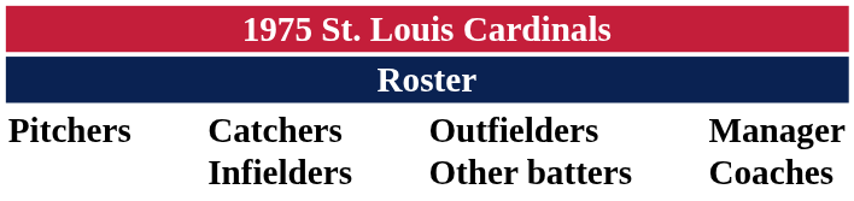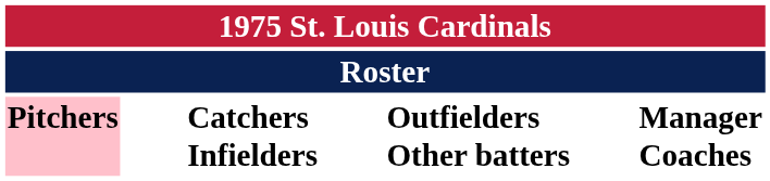 <table class="toccolours" style="font-size: 95%;">
 <tr>
 <th colspan="10" style="background-color: #c41e3a; color: white; text-align: center;">1975 St. Louis Cardinals</th>
 </tr>
 <tr>
 <td colspan="10" style="background-color: #0a2252; color: white; text-align: center;"><strong>Roster</strong></td>
 </tr>
 <tr>
-<td valign="top"><strong>Pitchers</strong><br>                  </td>
+<td valign="top" style="background: pink;"><strong>Pitchers</strong><br>                  </td>
 <td width="25px"></td>
 <td valign="top"><strong>Catchers</strong><br>  <strong>Infielders</strong>            </td>
 <td width="25px"></td>
 <td valign="top"><strong>Outfielders</strong><br>          <strong>Other batters</strong> </td>
 <td width="25px"></td>
 <td valign="top"><strong>Manager</strong><br> <strong>Coaches</strong>     </td>
 </tr>
 </table>
